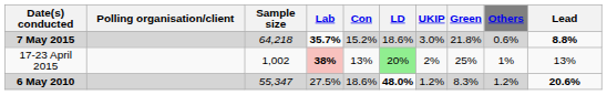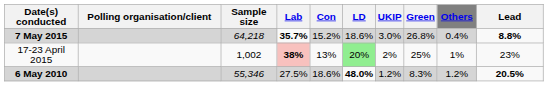 <table class="wikitable sortable" style="text-align:center;font-size:90%;line-height:14px">
 <tr>
 <th ! style="width:100px;">Date(s)<br>conducted</th>
 <th style="width:200px;">Polling organisation/client</th>
 <th class="unsortable" style="width:75px;">Sample size</th>
 <th class="unsortable" style="background:"><a href='#'><span>Lab</span></a></th>
 <th class="unsortable" style="background:"><a href='#'><span>Con</span></a></th>
 <th class="unsortable" style="background:"><a href='#'><span>LD</span></a></th>
 <th class="unsortable" style="background:"><a href='#'><span>UKIP</span></a></th>
 <th class="unsortable" style="background:"><a href='#'><span>Green</span></a></th>
 <th class="unsortable" style="background:gray; width:50px;"><a href='#'><span>Others</span></a></th>
 <th class="unsortable" style="width:90px;">Lead</th>
 </tr>
 <tr>
 <td style="background:#D5D5D5"><strong>7 May 2015</strong></td>
 <td style="background:#D5D5D5"></td>
 <td style="background:#D5D5D5"><em>64,218</em></td>
 <td style="background:"><strong>35.7%</strong></td>
 <td style="background:#D5D5D5">15.2%</td>
 <td style="background:#D5D5D5">18.6%</td>
 <td style="background:#D5D5D5">3.0%</td>
-<td style="background:#D5D5D5">21.8%</td>
-<td style="background:#D5D5D5">0.6%</td>
+<td style="background:#D5D5D5">26.8%</td>
+<td style="background:#D5D5D5">0.4%</td>
 <td style="background:"><strong>8.8% </strong></td>
 </tr>
 <tr>
 <td>17-23 April 2015</td>
 <td> </td>
 <td>1,002</td>
 <td style="background:#F8C1BE"><strong>38%</strong></td>
 <td>13%</td>
 <td style="background: lightgreen;">20%</td>
 <td>2%</td>
 <td>25%</td>
 <td>1%</td>
-<td style="background:">13%</td>
+<td style="background:">23%</td>
 </tr>
 <tr>
 <td style="background:#D5D5D5"><strong>6 May 2010</strong></td>
 <td style="background:#D5D5D5"></td>
-<td style="background:#D5D5D5"><em>55,347</em></td>
+<td style="background:#D5D5D5"><em>55,346</em></td>
 <td style="background:#D5D5D5">27.5%</td>
 <td style="background:#D5D5D5">18.6%</td>
 <td style="background:"><strong>48.0%</strong></td>
 <td style="background:#D5D5D5">1.2%</td>
 <td style="background:#D5D5D5">8.3%</td>
 <td style="background:#D5D5D5">1.2%</td>
-<td style="background:"><strong>20.6% </strong></td>
+<td style="background:"><strong>20.5% </strong></td>
 </tr>
 </table>
